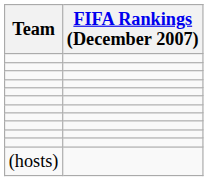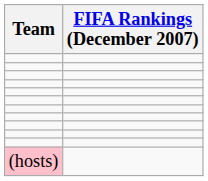 <table class="wikitable sortable" style="text-align: left;">
 <tr>
 <th>Team</th>
 <th><a href='#'>FIFA Rankings</a><br>(December 2007)</th>
 </tr>
 <tr>
 <td></td>
 <td></td>
 </tr>
 <tr>
 <td></td>
 <td></td>
 </tr>
 <tr>
 <td></td>
 <td></td>
 </tr>
 <tr>
 <td></td>
 <td></td>
 </tr>
 <tr>
 <td></td>
 <td></td>
 </tr>
 <tr>
 <td></td>
 <td></td>
 </tr>
 <tr>
 <td></td>
 <td></td>
 </tr>
 <tr>
 <td></td>
 <td></td>
 </tr>
 <tr>
 <td></td>
 <td></td>
 </tr>
 <tr>
 <td></td>
 <td></td>
 </tr>
 <tr>
 <td></td>
 <td></td>
 </tr>
 <tr>
-<td> (hosts)</td>
+<td style="background: pink;"> (hosts)</td>
 <td></td>
 </tr>
 </table>
